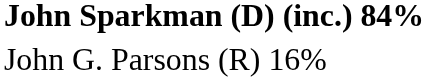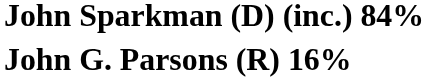 <table>
 <tr>
 <td><strong>John Sparkman (D) (inc.) 84%</strong></td>
 </tr>
 <tr>
-<td>John G. Parsons (R) 16%</td>
+<td><strong>John G. Parsons (R) 16%</strong></td>
 </tr>
 </table>
